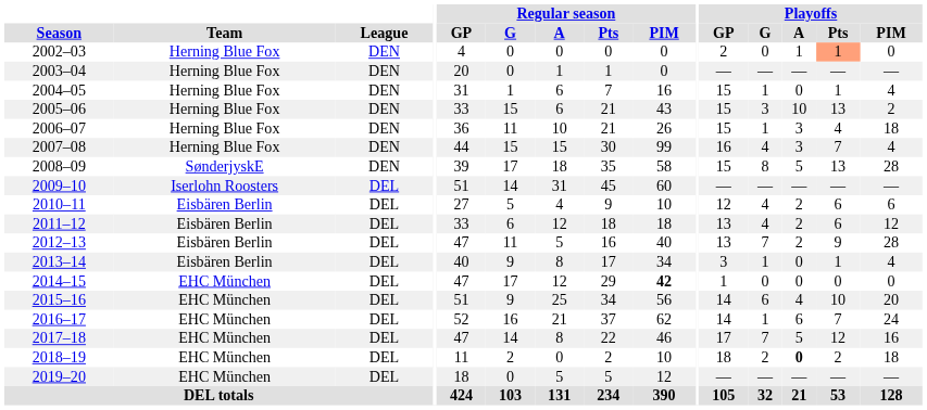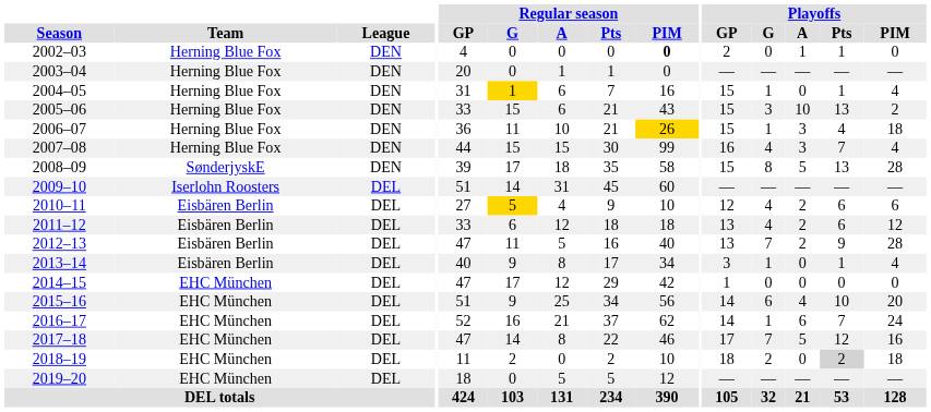 <table border="0" cellpadding="1" cellspacing="0" style="text-align:center; width:60em">
 <tr bgcolor="#e0e0e0">
 <th colspan="3" bgcolor="#ffffff"></th>
 <th rowspan="99" bgcolor="#ffffff"></th>
 <th colspan="5"><a href='#'>Regular season</a></th>
 <th rowspan="99" bgcolor="#ffffff"></th>
 <th colspan="5"><a href='#'>Playoffs</a></th>
 </tr>
 <tr bgcolor="#e0e0e0">
 <th><a href='#'>Season</a></th>
 <th>Team</th>
 <th>League</th>
 <th>GP</th>
 <th><a href='#'>G</a></th>
 <th><a href='#'>A</a></th>
 <th><a href='#'>Pts</a></th>
 <th><a href='#'>PIM</a></th>
 <th>GP</th>
 <th>G</th>
 <th>A</th>
 <th>Pts</th>
 <th>PIM</th>
 </tr>
 <tr ALIGN="center">
 <td>2002–03</td>
 <td><a href='#'>Herning Blue Fox</a></td>
 <td><a href='#'>DEN</a></td>
 <td>4</td>
 <td>0</td>
 <td>0</td>
 <td>0</td>
-<td>0</td>
+<td><strong>0</strong></td>
 <td>2</td>
 <td>0</td>
 <td>1</td>
-<td style="background: lightsalmon;">1</td>
+<td>1</td>
 <td>0</td>
 </tr>
 <tr ALIGN="center" bgcolor="#f0f0f0">
 <td>2003–04</td>
 <td>Herning Blue Fox</td>
 <td>DEN</td>
 <td>20</td>
 <td>0</td>
 <td>1</td>
 <td>1</td>
 <td>0</td>
 <td>—</td>
 <td>—</td>
 <td>—</td>
 <td>—</td>
 <td>—</td>
 </tr>
 <tr ALIGN="center">
 <td>2004–05</td>
 <td>Herning Blue Fox</td>
 <td>DEN</td>
 <td>31</td>
-<td>1</td>
+<td style="background: gold;">1</td>
 <td>6</td>
 <td>7</td>
 <td>16</td>
 <td>15</td>
 <td>1</td>
 <td>0</td>
 <td>1</td>
 <td>4</td>
 </tr>
 <tr ALIGN="center" bgcolor="#f0f0f0">
 <td>2005–06</td>
 <td>Herning Blue Fox</td>
 <td>DEN</td>
 <td>33</td>
 <td>15</td>
 <td>6</td>
 <td>21</td>
 <td>43</td>
 <td>15</td>
 <td>3</td>
 <td>10</td>
 <td>13</td>
 <td>2</td>
 </tr>
 <tr ALIGN="center">
 <td>2006–07</td>
 <td>Herning Blue Fox</td>
 <td>DEN</td>
 <td>36</td>
 <td>11</td>
 <td>10</td>
 <td>21</td>
-<td>26</td>
+<td style="background: gold;">26</td>
 <td>15</td>
 <td>1</td>
 <td>3</td>
 <td>4</td>
 <td>18</td>
 </tr>
 <tr ALIGN="center" bgcolor="#f0f0f0">
 <td>2007–08</td>
 <td>Herning Blue Fox</td>
 <td>DEN</td>
 <td>44</td>
 <td>15</td>
 <td>15</td>
 <td>30</td>
 <td>99</td>
 <td>16</td>
 <td>4</td>
 <td>3</td>
 <td>7</td>
 <td>4</td>
 </tr>
 <tr ALIGN="center">
 <td>2008–09</td>
 <td><a href='#'>SønderjyskE</a></td>
 <td>DEN</td>
 <td>39</td>
 <td>17</td>
 <td>18</td>
 <td>35</td>
 <td>58</td>
 <td>15</td>
 <td>8</td>
 <td>5</td>
 <td>13</td>
 <td>28</td>
 </tr>
 <tr ALIGN="center" bgcolor="#f0f0f0">
 <td><a href='#'>2009–10</a></td>
 <td><a href='#'>Iserlohn Roosters</a></td>
 <td><a href='#'>DEL</a></td>
 <td>51</td>
 <td>14</td>
 <td>31</td>
 <td>45</td>
 <td>60</td>
 <td>—</td>
 <td>—</td>
 <td>—</td>
 <td>—</td>
 <td>—</td>
 </tr>
 <tr ALIGN="center">
 <td><a href='#'>2010–11</a></td>
 <td><a href='#'>Eisbären Berlin</a></td>
 <td>DEL</td>
 <td>27</td>
-<td>5</td>
+<td style="background: gold;">5</td>
 <td>4</td>
 <td>9</td>
 <td>10</td>
 <td>12</td>
 <td>4</td>
 <td>2</td>
 <td>6</td>
 <td>6</td>
 </tr>
 <tr ALIGN="center" bgcolor="#f0f0f0">
 <td><a href='#'>2011–12</a></td>
 <td>Eisbären Berlin</td>
 <td>DEL</td>
 <td>33</td>
 <td>6</td>
 <td>12</td>
 <td>18</td>
 <td>18</td>
 <td>13</td>
 <td>4</td>
 <td>2</td>
 <td>6</td>
 <td>12</td>
 </tr>
 <tr ALIGN="center">
 <td><a href='#'>2012–13</a></td>
 <td>Eisbären Berlin</td>
 <td>DEL</td>
 <td>47</td>
 <td>11</td>
 <td>5</td>
 <td>16</td>
 <td>40</td>
 <td>13</td>
 <td>7</td>
 <td>2</td>
 <td>9</td>
 <td>28</td>
 </tr>
 <tr ALIGN="center" bgcolor="#f0f0f0">
 <td><a href='#'>2013–14</a></td>
 <td>Eisbären Berlin</td>
 <td>DEL</td>
 <td>40</td>
 <td>9</td>
 <td>8</td>
 <td>17</td>
 <td>34</td>
 <td>3</td>
 <td>1</td>
 <td>0</td>
 <td>1</td>
 <td>4</td>
 </tr>
 <tr ALIGN="center">
 <td><a href='#'>2014–15</a></td>
 <td><a href='#'>EHC München</a></td>
 <td>DEL</td>
 <td>47</td>
 <td>17</td>
 <td>12</td>
 <td>29</td>
-<td><strong>42</strong></td>
+<td>42</td>
 <td>1</td>
 <td>0</td>
 <td>0</td>
 <td>0</td>
 <td>0</td>
 </tr>
 <tr ALIGN="center"  bgcolor="#f0f0f0">
 <td><a href='#'>2015–16</a></td>
 <td>EHC München</td>
 <td>DEL</td>
 <td>51</td>
 <td>9</td>
 <td>25</td>
 <td>34</td>
 <td>56</td>
 <td>14</td>
 <td>6</td>
 <td>4</td>
 <td>10</td>
 <td>20</td>
 </tr>
 <tr ALIGN="center">
 <td><a href='#'>2016–17</a></td>
 <td>EHC München</td>
 <td>DEL</td>
 <td>52</td>
 <td>16</td>
 <td>21</td>
 <td>37</td>
 <td>62</td>
 <td>14</td>
 <td>1</td>
 <td>6</td>
 <td>7</td>
 <td>24</td>
 </tr>
 <tr ALIGN="center"  bgcolor="#f0f0f0">
 <td><a href='#'>2017–18</a></td>
 <td>EHC München</td>
 <td>DEL</td>
 <td>47</td>
 <td>14</td>
 <td>8</td>
 <td>22</td>
 <td>46</td>
 <td>17</td>
 <td>7</td>
 <td>5</td>
 <td>12</td>
 <td>16</td>
 </tr>
 <tr ALIGN="center">
 <td><a href='#'>2018–19</a></td>
 <td>EHC München</td>
 <td>DEL</td>
 <td>11</td>
 <td>2</td>
 <td>0</td>
 <td>2</td>
 <td>10</td>
 <td>18</td>
 <td>2</td>
-<td><strong>0</strong></td>
-<td>2</td>
+<td>0</td>
+<td style="background: lightgrey;">2</td>
 <td>18</td>
 </tr>
 <tr ALIGN="center"  bgcolor="#f0f0f0">
 <td><a href='#'>2019–20</a></td>
 <td>EHC München</td>
 <td>DEL</td>
 <td>18</td>
 <td>0</td>
 <td>5</td>
 <td>5</td>
 <td>12</td>
 <td>—</td>
 <td>—</td>
 <td>—</td>
 <td>—</td>
 <td>—</td>
 </tr>
 <tr bgcolor="#e0e0e0">
 <th colspan="3">DEL totals</th>
 <th>424</th>
 <th>103</th>
 <th>131</th>
 <th>234</th>
 <th>390</th>
 <th>105</th>
 <th>32</th>
 <th>21</th>
 <th>53</th>
 <th>128</th>
 </tr>
 </table>
